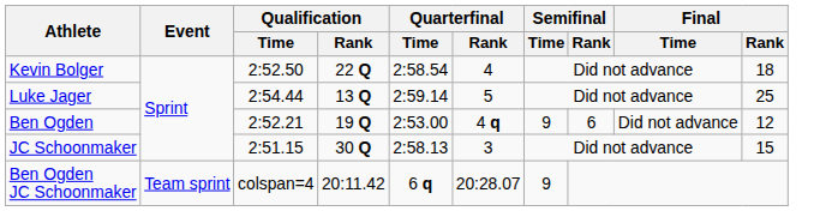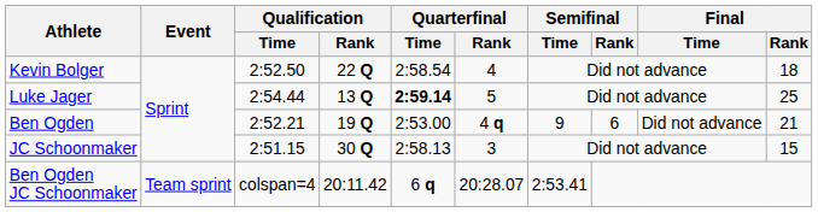 <table class=wikitable style=font-size:90%;text-align:center>
 <tr>
 <th rowspan=2>Athlete</th>
 <th rowspan=2>Event</th>
 <th colspan=2>Qualification</th>
 <th colspan=2>Quarterfinal</th>
 <th colspan=2>Semifinal</th>
 <th colspan=2>Final</th>
 </tr>
 <tr style=font-size:95%>
 <th>Time</th>
 <th>Rank</th>
 <th>Time</th>
 <th>Rank</th>
 <th>Time</th>
 <th>Rank</th>
 <th>Time</th>
 <th>Rank</th>
 </tr>
 <tr>
 <td align=left><a href='#'>Kevin Bolger</a></td>
 <td align=left rowspan=4><a href='#'>Sprint</a></td>
 <td>2:52.50</td>
 <td>22 <strong>Q</strong></td>
 <td>2:58.54</td>
 <td>4</td>
 <td colspan=3>Did not advance</td>
 <td>18</td>
 </tr>
 <tr>
 <td align=left><a href='#'>Luke Jager</a></td>
 <td>2:54.44</td>
 <td>13 <strong>Q</strong></td>
-<td>2:59.14</td>
+<td><strong>2:59.14</strong></td>
 <td>5</td>
 <td colspan=3>Did not advance</td>
 <td>25</td>
 </tr>
 <tr>
 <td align=left><a href='#'>Ben Ogden</a></td>
 <td>2:52.21</td>
 <td>19 <strong>Q</strong></td>
 <td>2:53.00</td>
 <td>4 <strong>q</strong></td>
 <td>9</td>
 <td>6</td>
 <td>Did not advance</td>
-<td>12</td>
+<td>21</td>
 </tr>
 <tr>
 <td align=left><a href='#'>JC Schoonmaker</a></td>
 <td>2:51.15</td>
 <td>30 <strong>Q</strong></td>
 <td>2:58.13</td>
 <td>3</td>
 <td colspan=3>Did not advance</td>
 <td>15</td>
 </tr>
 <tr>
 <td align=left><a href='#'>Ben Ogden</a><br><a href='#'>JC Schoonmaker</a></td>
 <td align=left><a href='#'>Team sprint</a></td>
 <td>colspan=4 </td>
 <td>20:11.42</td>
 <td>6 <strong>q</strong></td>
 <td>20:28.07</td>
-<td>9</td>
+<td>2:53.41</td>
 </tr>
 </table>
